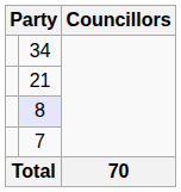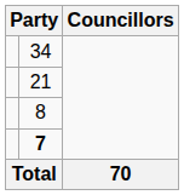 <table class="wikitable">
 <tr>
 <th colspan=2>Party</th>
 <th>Councillors</th>
 </tr>
 <tr>
 <td></td>
 <td align=center>34</td>
 </tr>
 <tr>
 <td></td>
 <td align=center>21</td>
 </tr>
 <tr>
 <td></td>
-<td align=center style="background: lavender;">8</td>
+<td align=center>8</td>
 </tr>
 <tr>
 <td></td>
-<td align=center>7</td>
+<td align=center><strong>7</strong></td>
 </tr>
 <tr>
 <th colspan=2>Total</th>
 <th align=center>70</th>
 </tr>
 </table>
